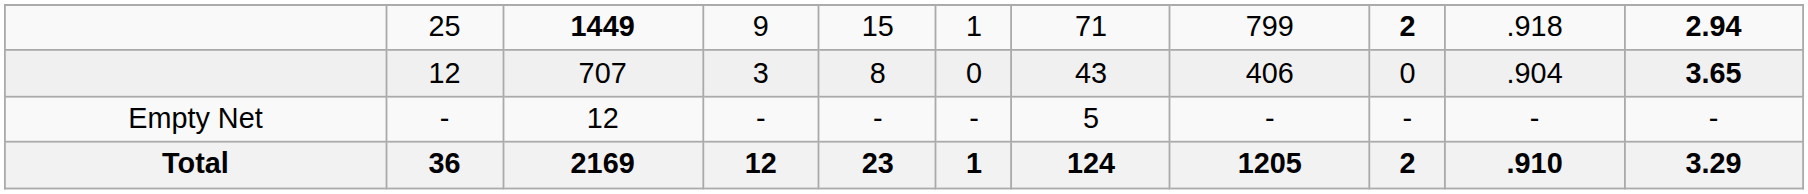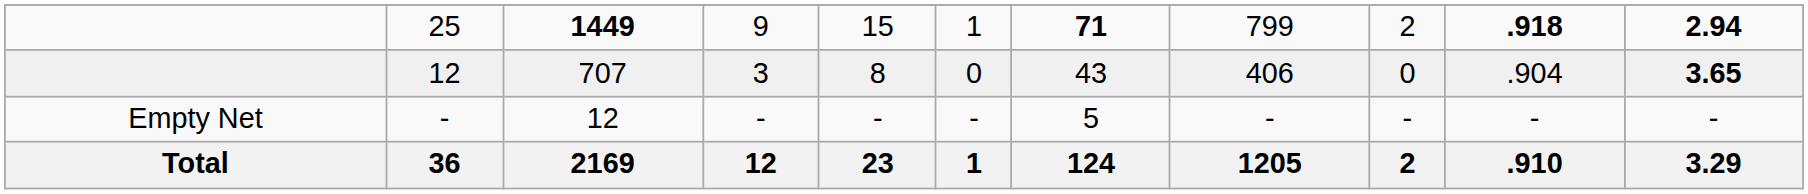 <table class="wikitable sortable" width ="1000">
 <tr align="center">
 </tr>
 <tr align="center" bgcolor="">
 <td></td>
 <td>25</td>
 <td><strong>1449</strong></td>
 <td>9</td>
 <td>15</td>
 <td>1</td>
-<td>71</td>
+<td><strong>71</strong></td>
 <td>799</td>
-<td><strong>2</strong></td>
-<td>.918</td>
+<td>2</td>
+<td><strong>.918</strong></td>
 <td><strong>2.94</strong></td>
 </tr>
 <tr align="center" bgcolor="f0f0f0">
 <td></td>
 <td>12</td>
 <td>707</td>
 <td>3</td>
 <td>8</td>
 <td>0</td>
 <td>43</td>
 <td>406</td>
 <td>0</td>
 <td>.904</td>
 <td><strong>3.65</strong></td>
 </tr>
 <tr align="center" bgcolor="">
 <td>Empty Net</td>
 <td>-</td>
 <td>12</td>
 <td>-</td>
 <td>-</td>
 <td>-</td>
 <td>5</td>
 <td>-</td>
 <td>-</td>
 <td>-</td>
 <td>-</td>
 </tr>
 <tr>
 <th>Total</th>
 <th>36</th>
 <th>2169</th>
 <th>12</th>
 <th>23</th>
 <th>1</th>
 <th>124</th>
 <th>1205</th>
 <th>2</th>
 <th>.910</th>
 <th>3.29</th>
 </tr>
 </table>
